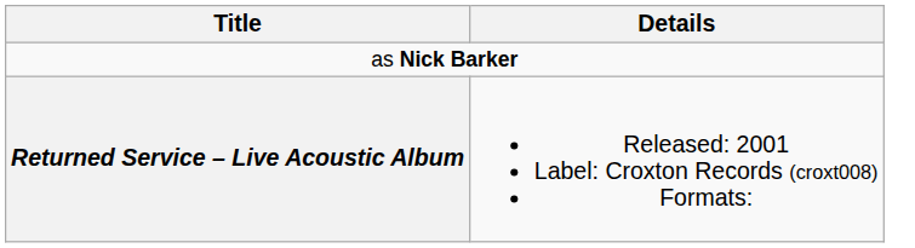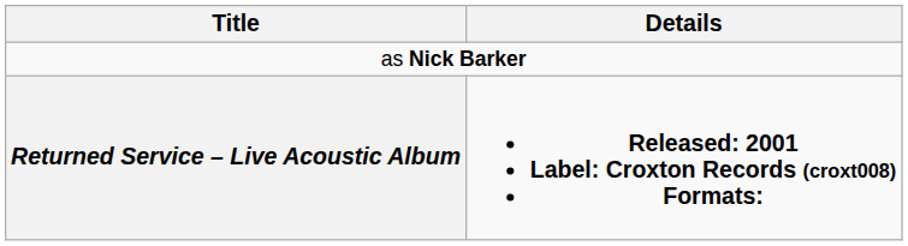 <table class="wikitable plainrowheaders" style="text-align:center;">
 <tr>
 <th>Title</th>
 <th>Details</th>
 </tr>
 <tr>
 <td colspan="2" style="font-size:90%">as <strong>Nick Barker</strong></td>
 </tr>
 <tr>
 <th scope="row"><em>Returned Service – Live Acoustic Album</em></th>
-<td><br><ul><li>Released: 2001</li><li>Label: Croxton Records <small>(croxt008)</small></li><li>Formats:</li></ul></td>
+<td><strong><br><ul><li>Released: 2001</li><li>Label: Croxton Records <small>(croxt008)</small></li><li>Formats:</li></ul></strong></td>
 </tr>
 </table>
